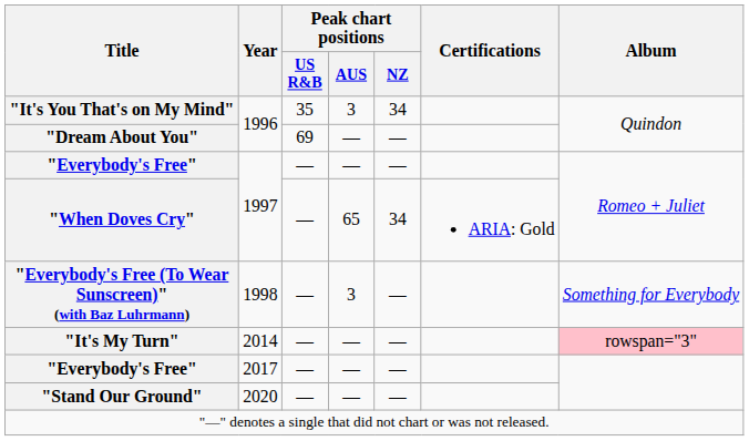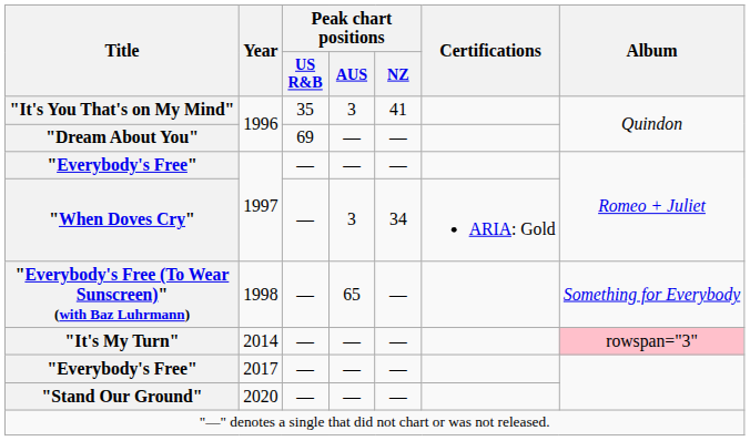 <table class="wikitable plainrowheaders" style="text-align:center;">
 <tr>
 <th scope="col" rowspan="2" style="width:13em;">Title</th>
 <th scope="col" rowspan="2">Year</th>
 <th scope="col" colspan="3">Peak chart positions</th>
 <th scope="col" rowspan="2">Certifications</th>
 <th scope="col" rowspan="2">Album</th>
 </tr>
 <tr>
 <th scope="col" style="width:2.5em;font-size:90%;"><a href='#'>US R&B</a><br></th>
 <th scope="col" style="width:2.5em;font-size:90%;"><a href='#'>AUS</a><br></th>
 <th scope="col" style="width:2.5em;font-size:90%;"><a href='#'>NZ</a><br></th>
 </tr>
 <tr>
 <th scope="row">"It's You That's on My Mind"</th>
 <td rowspan=2>1996</td>
 <td>35</td>
 <td>3</td>
-<td>34</td>
+<td>41</td>
 <td></td>
 <td rowspan=2><em>Quindon</em></td>
 </tr>
 <tr>
 <th scope="row">"Dream About You"</th>
 <td>69</td>
 <td>—</td>
 <td>—</td>
 <td></td>
 </tr>
 <tr>
 <th scope="row">"<a href='#'>Everybody's Free</a>"</th>
 <td rowspan=2>1997</td>
 <td>—</td>
 <td>—</td>
 <td>—</td>
 <td></td>
 <td rowspan=2><em><a href='#'>Romeo + Juliet</a></em></td>
 </tr>
 <tr>
 <th scope="row">"<a href='#'>When Doves Cry</a>"</th>
 <td>—</td>
-<td>65</td>
+<td>3</td>
 <td>34</td>
 <td><br><ul><li><a href='#'>ARIA</a>: Gold</li></ul></td>
 </tr>
 <tr>
 <th scope="row">"<a href='#'>Everybody's Free (To Wear Sunscreen)</a>"<br><small>(<a href='#'>with Baz Luhrmann</a>)</small></th>
 <td>1998</td>
 <td>—</td>
-<td>3</td>
+<td>65</td>
 <td>—</td>
 <td></td>
 <td><em><a href='#'>Something for Everybody</a></em></td>
 </tr>
 <tr>
 <th scope="row">"It's My Turn"</th>
 <td>2014</td>
 <td>—</td>
 <td>—</td>
 <td>—</td>
 <td></td>
 <td style="background: pink;">rowspan="3" </td>
 </tr>
 <tr>
 <th scope="row">"Everybody's Free"</th>
 <td>2017</td>
 <td>—</td>
 <td>—</td>
 <td>—</td>
 <td></td>
 </tr>
 <tr>
 <th scope="row">"Stand Our Ground"</th>
 <td>2020</td>
 <td>—</td>
 <td>—</td>
 <td>—</td>
 <td></td>
 </tr>
 <tr>
 <td colspan="19" style="font-size:85%">"—" denotes a single that did not chart or was not released.</td>
 </tr>
 </table>
